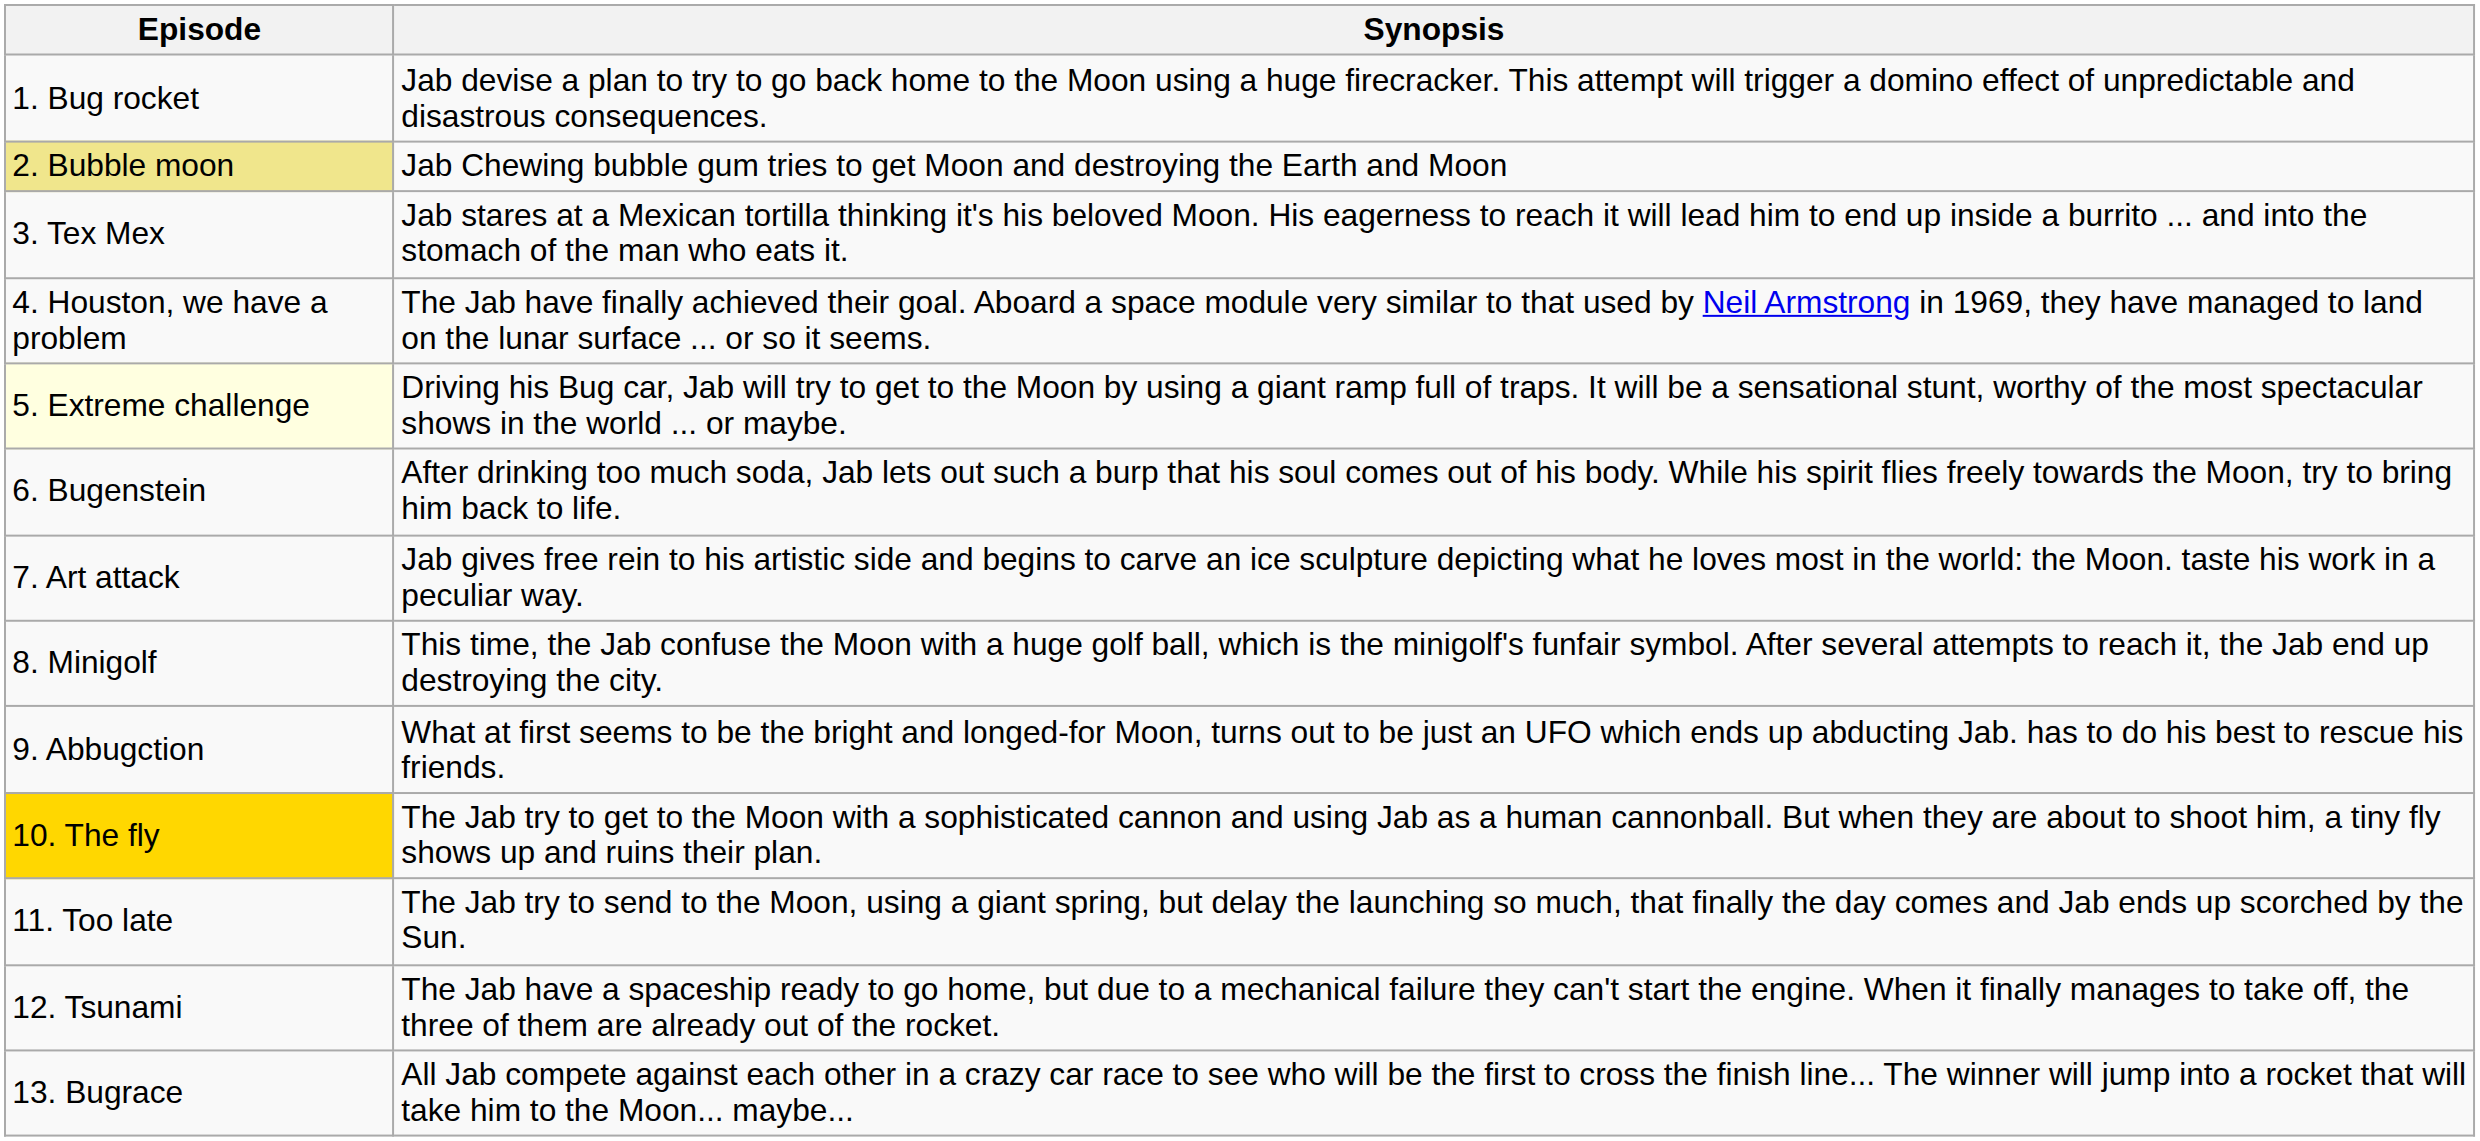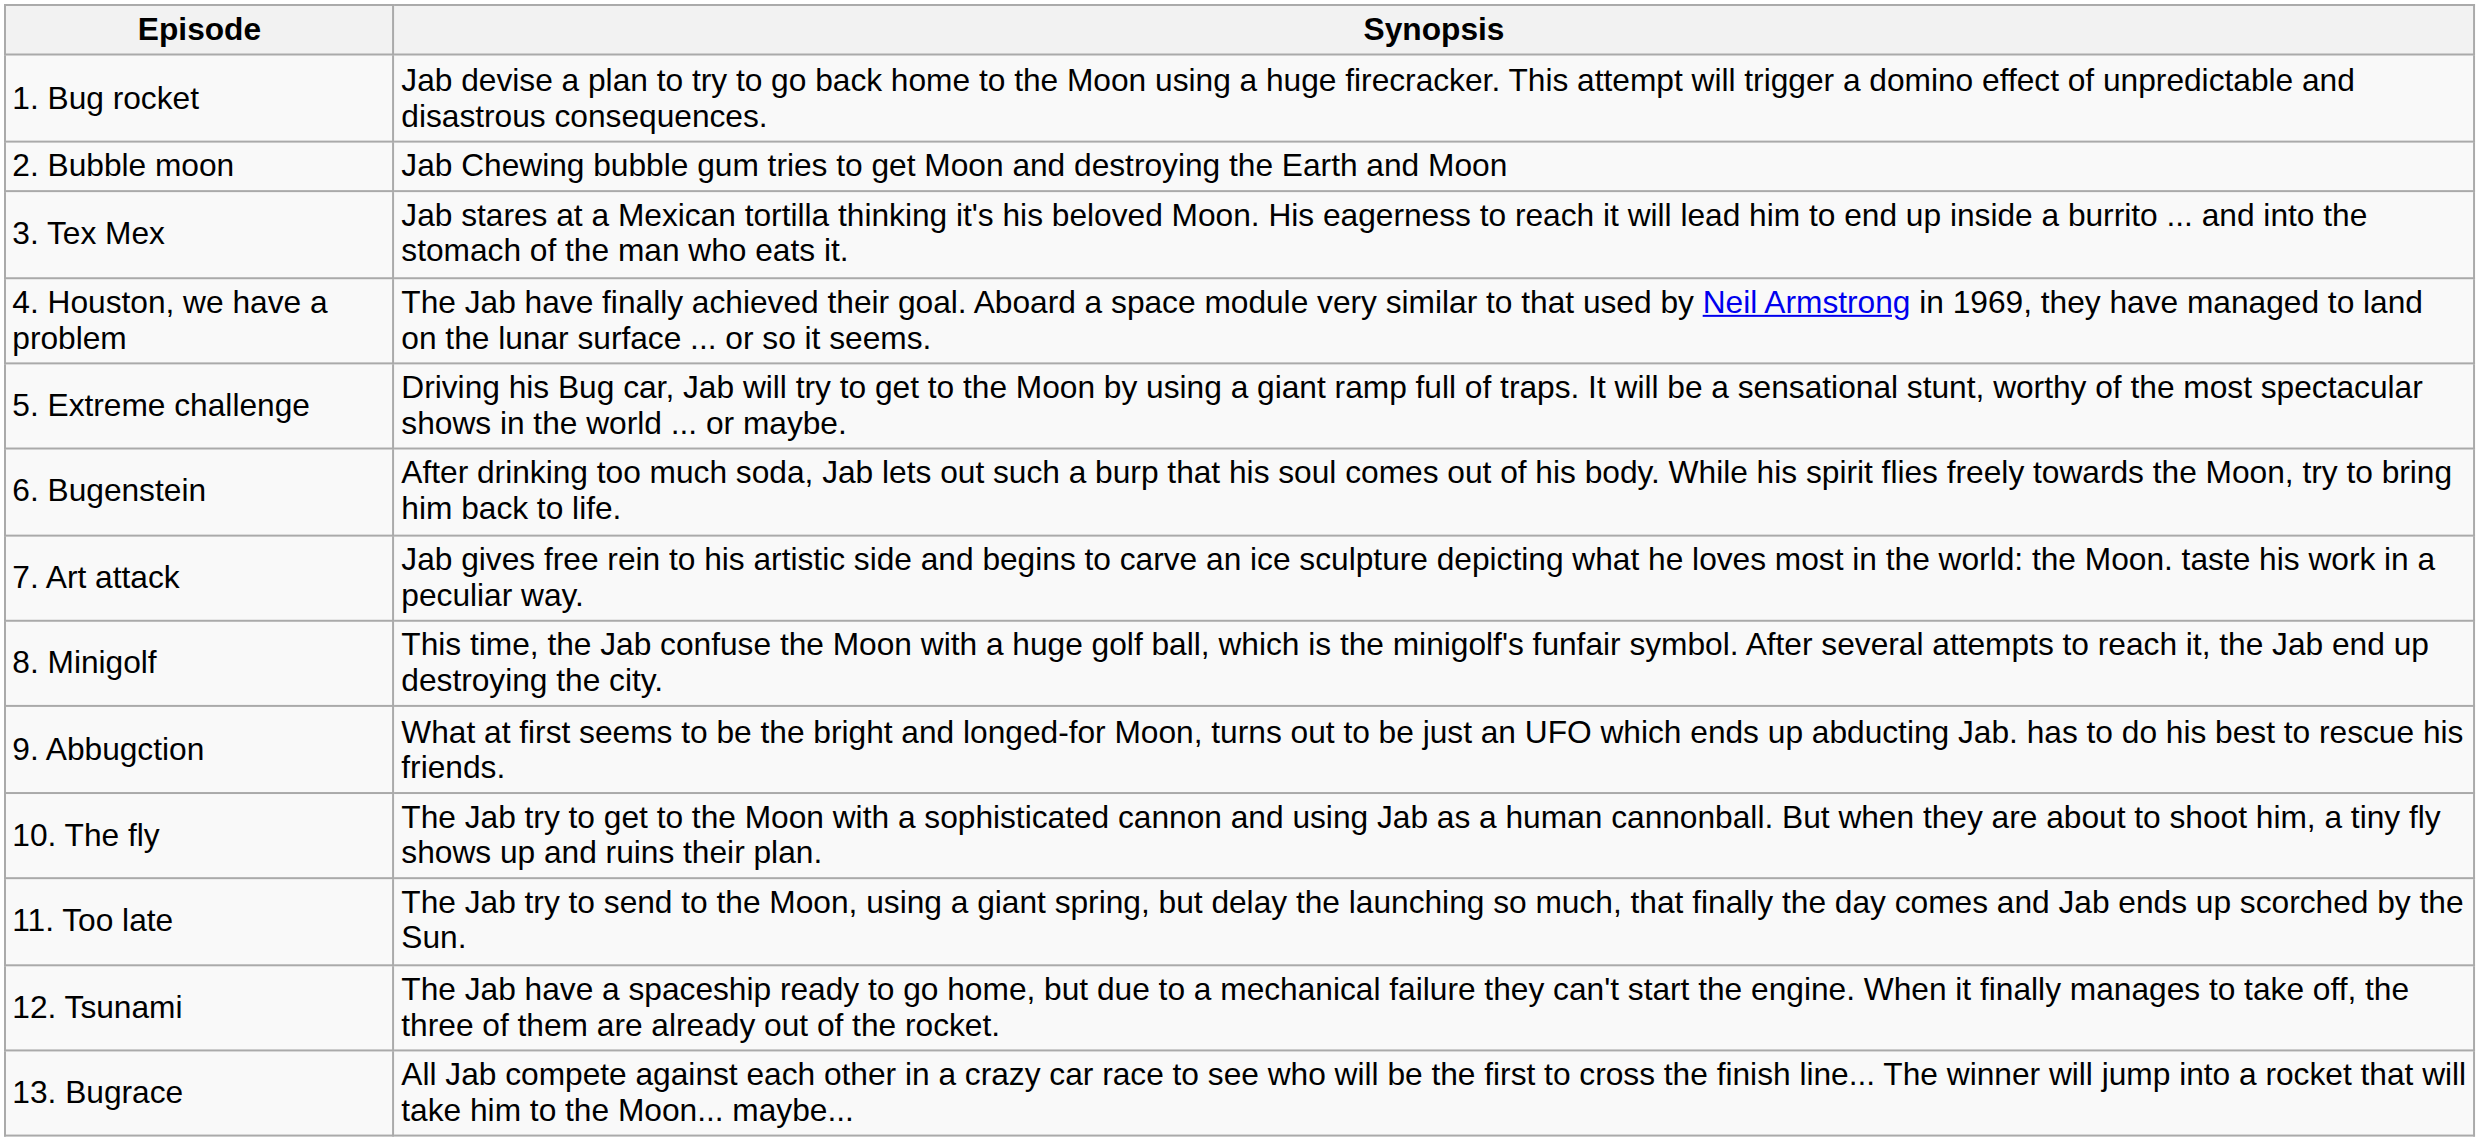 <table class="wikitable">
 <tr>
 <th>Episode</th>
 <th>Synopsis</th>
 </tr>
 <tr>
 <td>1. Bug rocket</td>
 <td>Jab devise a plan to try to go back home to the Moon using a huge firecracker. This attempt will trigger a domino effect of unpredictable and disastrous consequences.</td>
 </tr>
 <tr>
-<td style="background: khaki;">2. Bubble moon</td>
+<td>2. Bubble moon</td>
 <td>Jab Chewing bubble gum tries to get Moon and destroying the Earth and Moon</td>
 </tr>
 <tr>
 <td>3. Tex Mex</td>
 <td>Jab stares at a Mexican tortilla thinking it's his beloved Moon. His eagerness to reach it will lead him to end up inside a burrito ... and into the stomach of the man who eats it.</td>
 </tr>
 <tr>
 <td>4. Houston, we have a problem</td>
 <td>The Jab have finally achieved their goal. Aboard a space module very similar to that used by <a href='#'>Neil Armstrong</a> in 1969, they have managed to land on the lunar surface ... or so it seems.</td>
 </tr>
 <tr>
-<td style="background: lightyellow;">5. Extreme challenge</td>
+<td>5. Extreme challenge</td>
 <td>Driving his Bug car, Jab will try to get to the Moon by using a giant ramp full of traps. It will be a sensational stunt, worthy of the most spectacular shows in the world ... or maybe.</td>
 </tr>
 <tr>
 <td>6. Bugenstein</td>
 <td>After drinking too much soda, Jab lets out such a burp that his soul comes out of his body. While his spirit flies freely towards the Moon, try to bring him back to life.</td>
 </tr>
 <tr>
 <td>7. Art attack</td>
 <td>Jab gives free rein to his artistic side and begins to carve an ice sculpture depicting what he loves most in the world: the Moon. taste his work in a peculiar way.</td>
 </tr>
 <tr>
 <td>8. Minigolf</td>
 <td>This time, the Jab confuse the Moon with a huge golf ball, which is the minigolf's funfair symbol. After several attempts to reach it, the Jab end up destroying the city.</td>
 </tr>
 <tr>
 <td>9. Abbugction</td>
 <td>What at first seems to be the bright and longed-for Moon, turns out to be just an UFO which ends up abducting Jab. has to do his best to rescue his friends.</td>
 </tr>
 <tr>
-<td style="background: gold;">10. The fly</td>
+<td>10. The fly</td>
 <td>The Jab try to get to the Moon with a sophisticated cannon and using Jab as a human cannonball. But when they are about to shoot him, a tiny fly shows up and ruins their plan.</td>
 </tr>
 <tr>
 <td>11. Too late</td>
 <td>The Jab try to send to the Moon, using a giant spring, but delay the launching so much, that finally the day comes and Jab ends up scorched by the Sun.</td>
 </tr>
 <tr>
 <td>12. Tsunami</td>
 <td>The Jab have a spaceship ready to go home, but due to a mechanical failure they can't start the engine. When it finally manages to take off, the three of them are already out of the rocket.</td>
 </tr>
 <tr>
 <td>13. Bugrace</td>
 <td>All Jab compete against each other in a crazy car race to see who will be the first to cross the finish line... The winner will jump into a rocket that will take him to the Moon... maybe...</td>
 </tr>
 </table>
